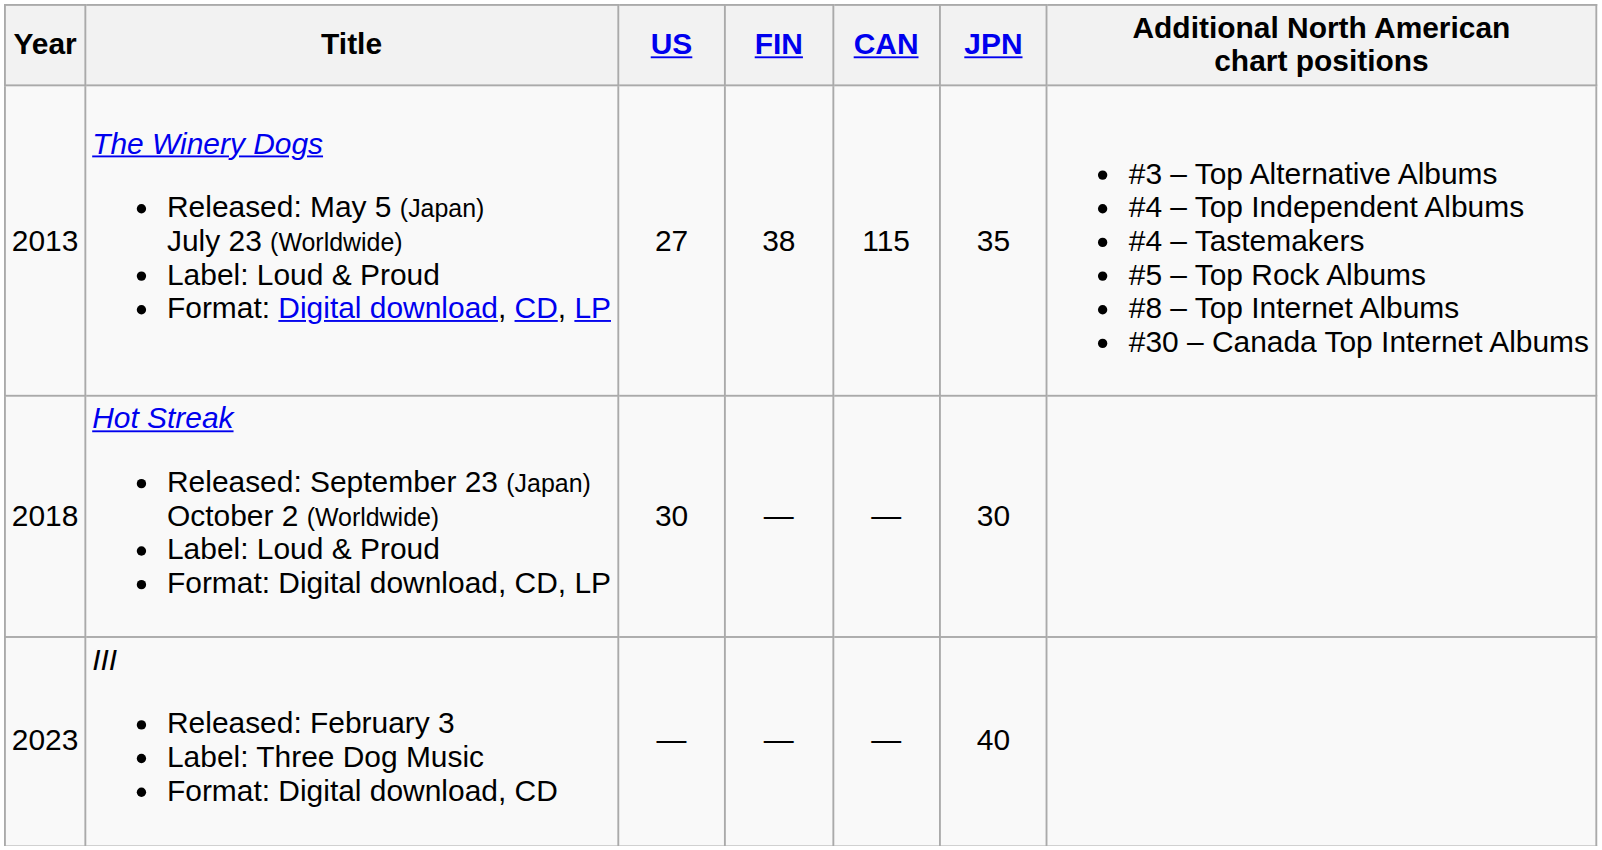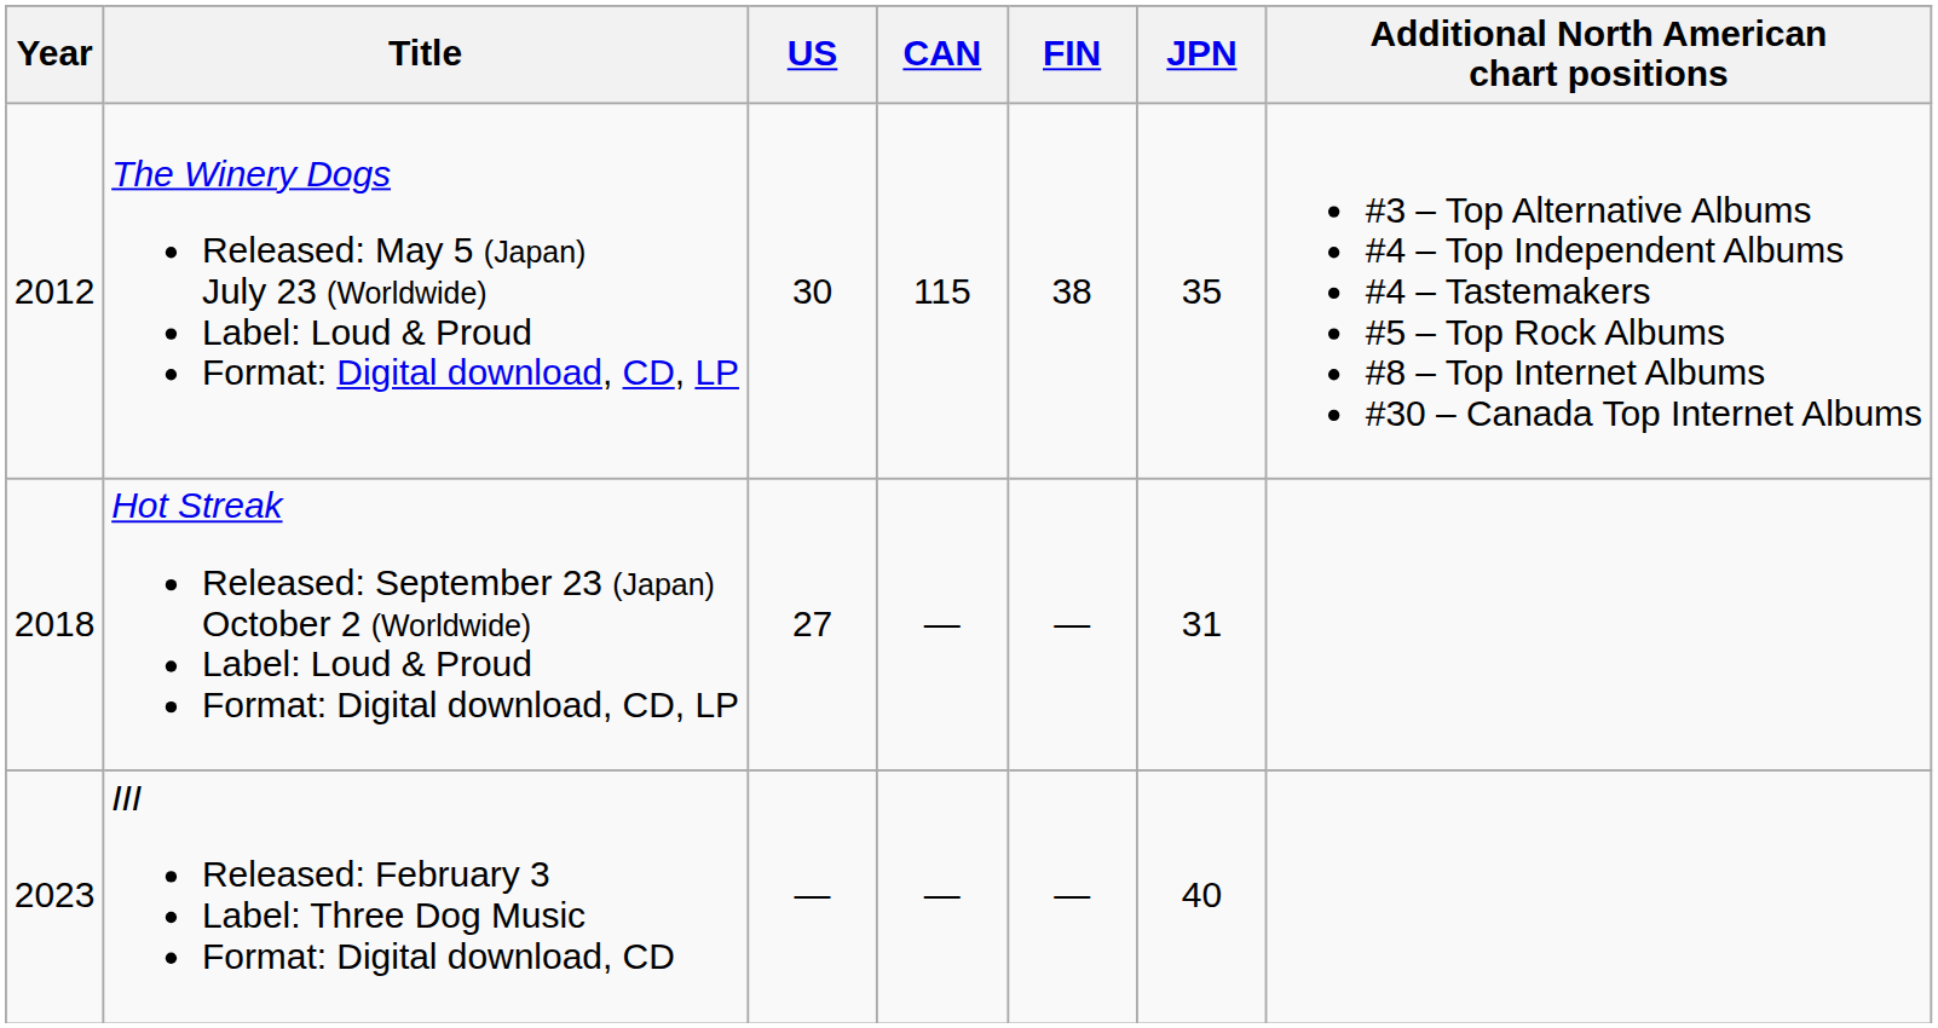 <table class="wikitable">
 <tr>
 <th>Year</th>
 <th>Title</th>
 <th style="width:50px;"><a href='#'>US</a><br></th>
+<th style="width:50px;"><a href='#'>CAN</a><br></th>
 <th style="width:50px;"><a href='#'>FIN</a><br></th>
-<th style="width:50px;"><a href='#'>CAN</a><br></th>
 <th style="width:50px;"><a href='#'>JPN</a><br></th>
 <th>Additional North American<br>chart positions</th>
 </tr>
 <tr>
-<td>2013</td>
+<td>2012</td>
 <td><em><a href='#'>The Winery Dogs</a></em><br><ul><li>Released: May 5 <small>(Japan)</small><br>July 23 <small>(Worldwide)</small></li><li>Label: Loud & Proud</li><li>Format: <a href='#'>Digital download</a>, <a href='#'>CD</a>, <a href='#'>LP</a></li></ul></td>
-<td style="text-align:center;">27</td>
+<td style="text-align:center;">30</td>
+<td style="text-align:center;">115</td>
 <td style="text-align:center;">38</td>
-<td style="text-align:center;">115</td>
 <td style="text-align:center;">35</td>
 <td><br><ul><li>#3 – Top Alternative Albums</li><li>#4 – Top Independent Albums</li><li>#4 – Tastemakers</li><li>#5 – Top Rock Albums</li><li>#8 – Top Internet Albums</li><li>#30 – Canada Top Internet Albums</li></ul></td>
 </tr>
 <tr>
 <td>2018</td>
 <td><em><a href='#'>Hot Streak</a></em><br><ul><li>Released: September 23 <small>(Japan)</small><br>October 2 <small>(Worldwide)</small></li><li>Label: Loud & Proud</li><li>Format: Digital download, CD, LP</li></ul></td>
-<td style="text-align:center;">30</td>
+<td style="text-align:center;">27</td>
 <td style="text-align:center;">—</td>
 <td style="text-align:center;">—</td>
-<td style="text-align:center;">30</td>
+<td style="text-align:center;">31</td>
 <td></td>
 </tr>
 <tr>
 <td>2023</td>
 <td><em>III</em><br><ul><li>Released: February 3</li><li>Label: Three Dog Music</li><li>Format: Digital download, CD</li></ul></td>
 <td style="text-align:center;">—</td>
 <td style="text-align:center;">—</td>
 <td style="text-align:center;">—</td>
 <td style="text-align:center;">40</td>
 <td></td>
 </tr>
 </table>
